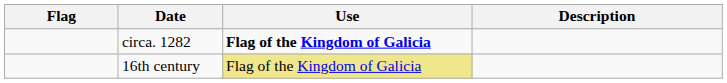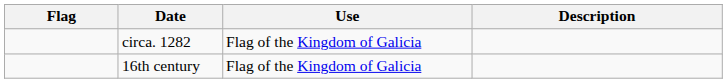 <table class="wikitable">
 <tr>
 <th width="110">Flag</th>
 <th width="100">Date</th>
 <th width="250">Use</th>
 <th width="250">Description</th>
 </tr>
 <tr>
 <td></td>
 <td>circa. 1282</td>
-<td><strong>Flag of the <a href='#'>Kingdom of Galicia</a></strong></td>
+<td>Flag of the <a href='#'>Kingdom of Galicia</a></td>
 </tr>
 <tr>
 <td></td>
 <td>16th century</td>
-<td style="background: khaki;">Flag of the <a href='#'>Kingdom of Galicia</a></td>
+<td>Flag of the <a href='#'>Kingdom of Galicia</a></td>
 <td></td>
 </tr>
 </table>
